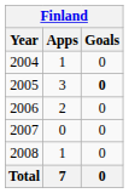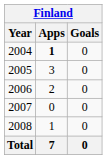 <table class=wikitable style=text-align:center>
 <tr>
 <th colspan=4><a href='#'>Finland</a></th>
 </tr>
 <tr>
 <th>Year</th>
 <th>Apps</th>
 <th>Goals</th>
 </tr>
 <tr>
 <td>2004</td>
-<td>1</td>
+<td><strong>1</strong></td>
 <td>0</td>
 </tr>
 <tr>
 <td>2005</td>
 <td>3</td>
-<td><strong>0</strong></td>
+<td>0</td>
 </tr>
 <tr>
 <td>2006</td>
 <td>2</td>
 <td>0</td>
 </tr>
 <tr>
 <td>2007</td>
 <td>0</td>
 <td>0</td>
 </tr>
 <tr>
 <td>2008</td>
 <td>1</td>
 <td>0</td>
 </tr>
 <tr>
 <th colspan=1>Total</th>
 <th>7</th>
 <th>0</th>
 </tr>
 </table>
